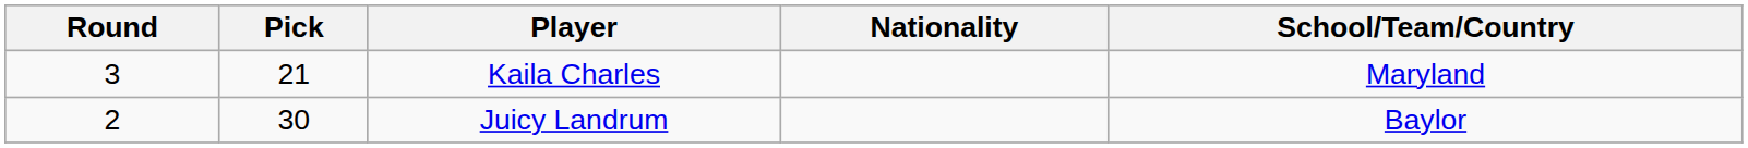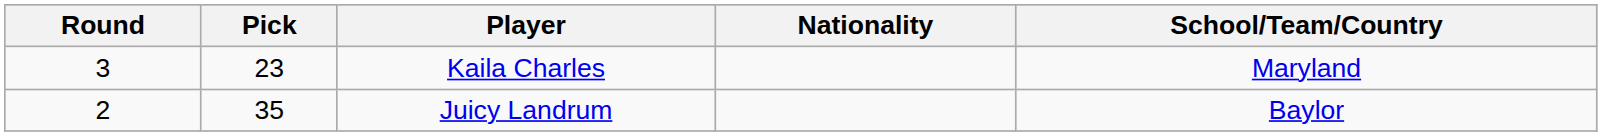 <table class="wikitable" style="text-align:center; width:60em">
 <tr>
 <th>Round</th>
 <th>Pick</th>
 <th>Player</th>
 <th>Nationality</th>
 <th>School/Team/Country</th>
 </tr>
 <tr>
 <td>3</td>
-<td>21</td>
+<td>23</td>
 <td><a href='#'>Kaila Charles</a></td>
 <td></td>
 <td><a href='#'>Maryland</a></td>
 </tr>
 <tr>
 <td>2</td>
-<td>30</td>
+<td>35</td>
 <td><a href='#'>Juicy Landrum</a></td>
 <td></td>
 <td><a href='#'>Baylor</a></td>
 </tr>
 </table>
